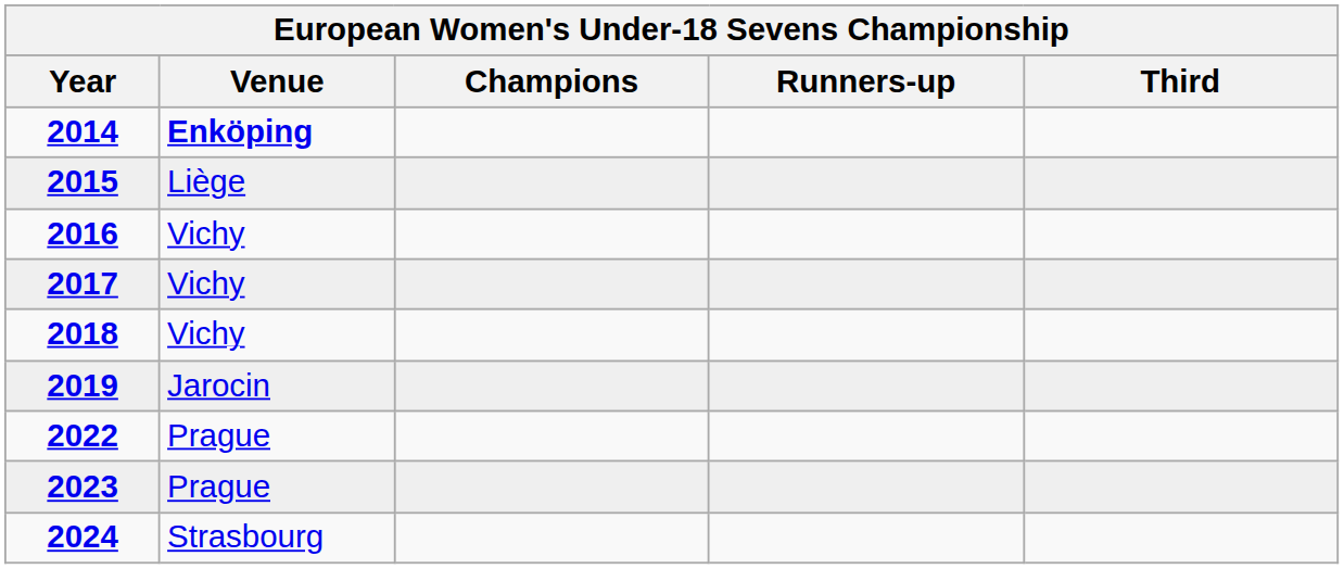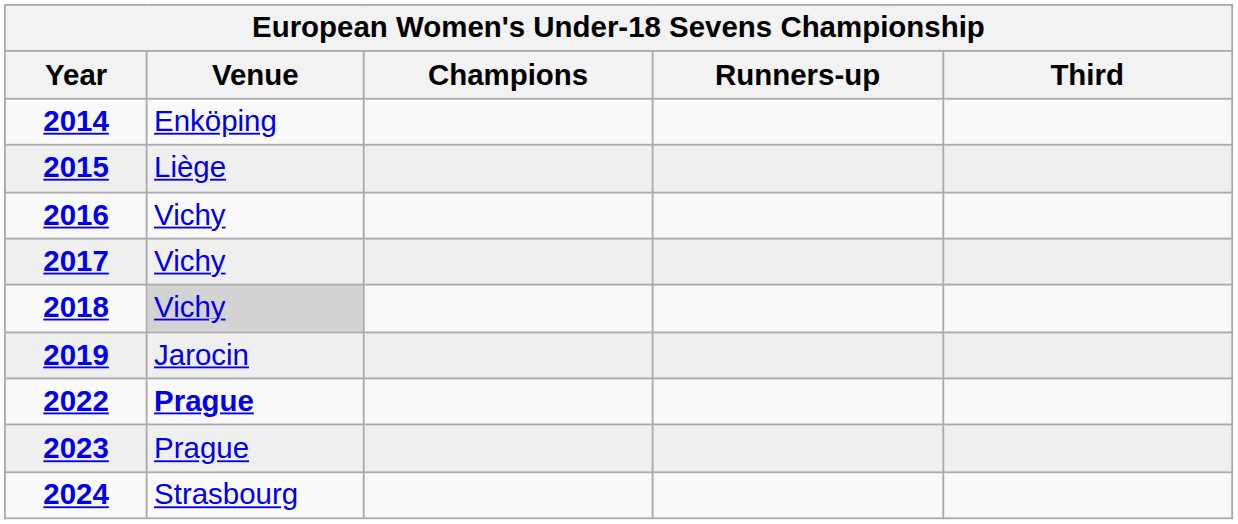 <table class="wikitable centre" style="text-align:center;">
 <tr>
 <th colspan="5">European Women's Under-18 Sevens Championship</th>
 </tr>
 <tr>
 <th scope="col" style="width:70px;">Year</th>
 <th scope="col" style="width:110px;">Venue</th>
 <th scope="col" style="width:150px;">Champions</th>
 <th scope="col" style="width:150px;">Runners-up</th>
 <th scope="col" style="width:150px;">Third</th>
 </tr>
 <tr>
 <td><strong><a href='#'>2014</a></strong></td>
-<td align=left><strong> <a href='#'>Enköping</a></strong></td>
+<td align=left> <a href='#'>Enköping</a></td>
 <td><strong></strong></td>
 <td></td>
 <td></td>
 </tr>
 <tr style="background:#EFEFEF">
 <td><strong><a href='#'>2015</a></strong></td>
 <td align=left> <a href='#'>Liège</a></td>
 <td><strong></strong></td>
 <td></td>
 <td></td>
 </tr>
 <tr>
 <td><strong><a href='#'>2016</a></strong></td>
 <td align=left> <a href='#'>Vichy</a></td>
 <td><strong></strong></td>
 <td></td>
 <td></td>
 </tr>
 <tr style="background:#EFEFEF">
 <td><strong><a href='#'>2017</a></strong></td>
 <td align=left> <a href='#'>Vichy</a></td>
 <td><strong></strong></td>
 <td></td>
 <td></td>
 </tr>
 <tr>
 <td><strong><a href='#'>2018</a></strong></td>
-<td align=left> <a href='#'>Vichy</a></td>
+<td align=left style="background: lightgrey;"> <a href='#'>Vichy</a></td>
 <td><strong></strong></td>
 <td></td>
 <td></td>
 </tr>
 <tr style="background:#EFEFEF">
 <td><strong><a href='#'>2019</a></strong></td>
 <td align=left> <a href='#'>Jarocin</a></td>
 <td><strong></strong></td>
 <td></td>
 <td></td>
 </tr>
 <tr>
 <td><strong><a href='#'>2022</a></strong></td>
-<td align=left> <a href='#'>Prague</a></td>
+<td align=left><strong> <a href='#'>Prague</a></strong></td>
 <td><strong></strong></td>
 <td></td>
 <td></td>
 </tr>
 <tr style="background:#EFEFEF">
 <td><strong><a href='#'>2023</a></strong></td>
 <td align=left> <a href='#'>Prague</a></td>
 <td><strong></strong></td>
 <td></td>
 <td></td>
 </tr>
 <tr>
 <td><strong><a href='#'>2024</a></strong></td>
 <td align=left> <a href='#'>Strasbourg</a></td>
 <td><strong></strong></td>
 <td></td>
 <td></td>
 </tr>
 </table>
